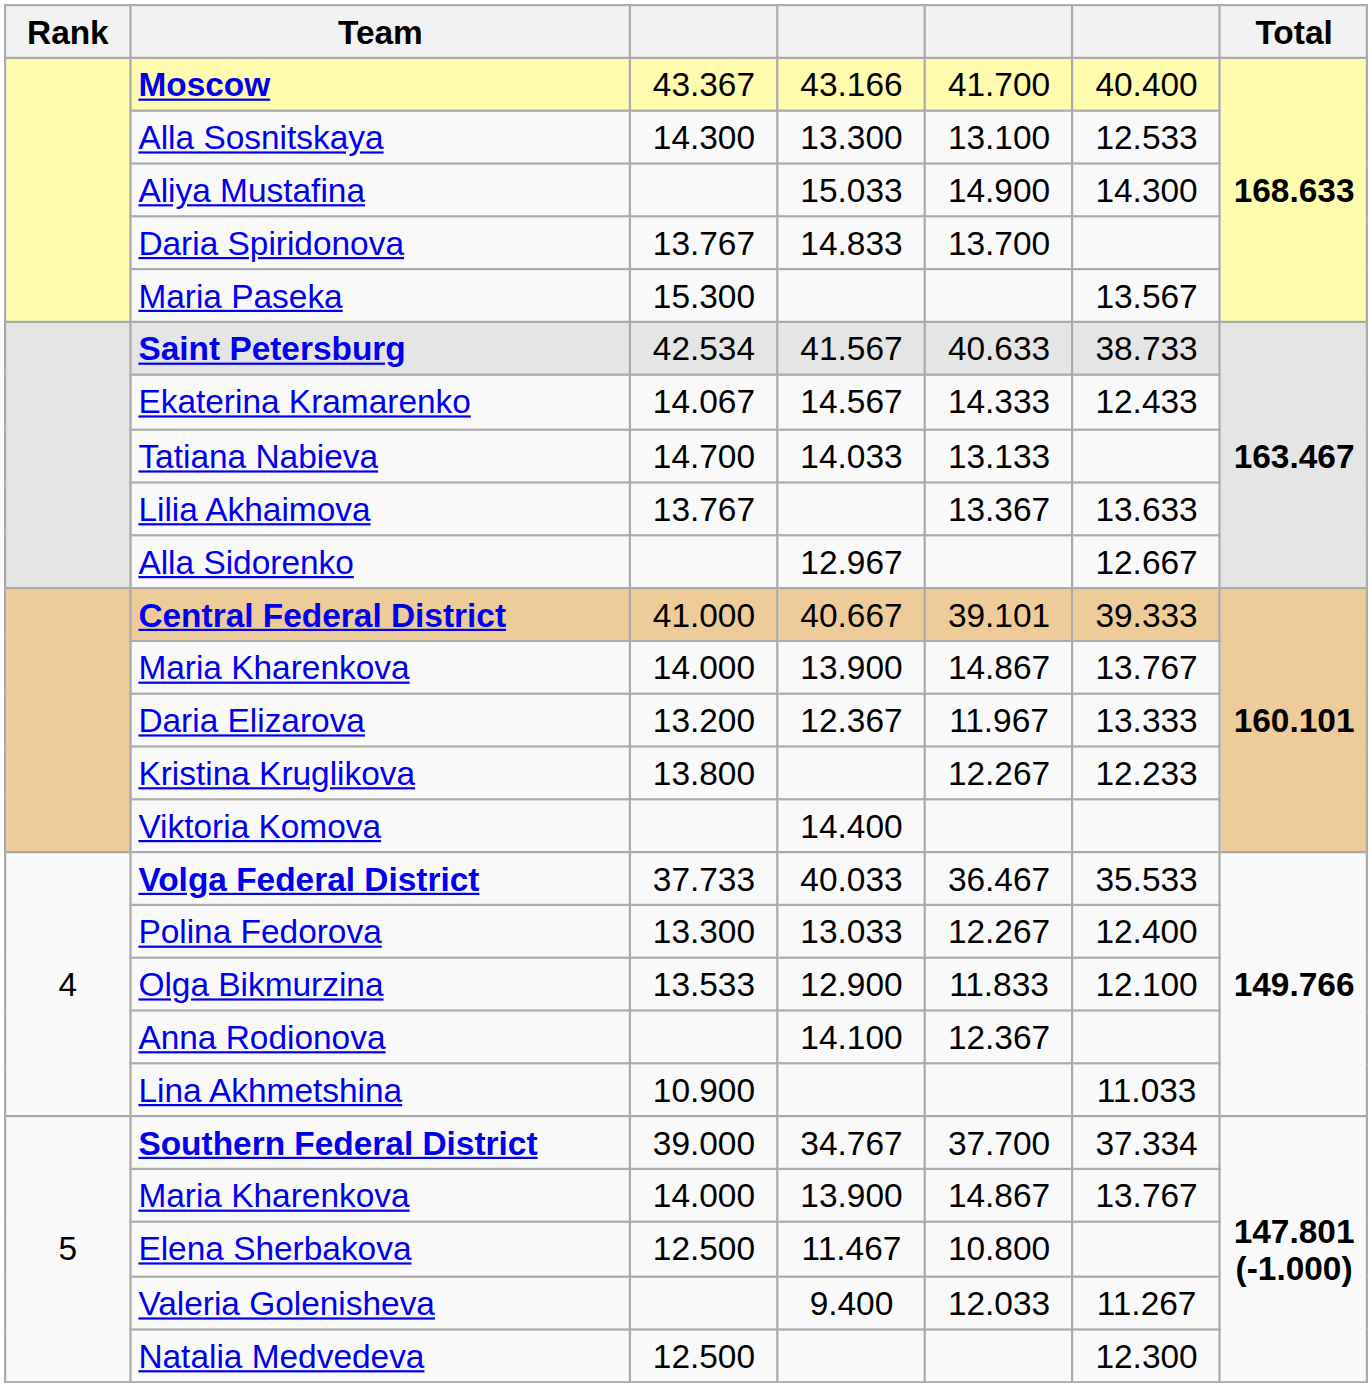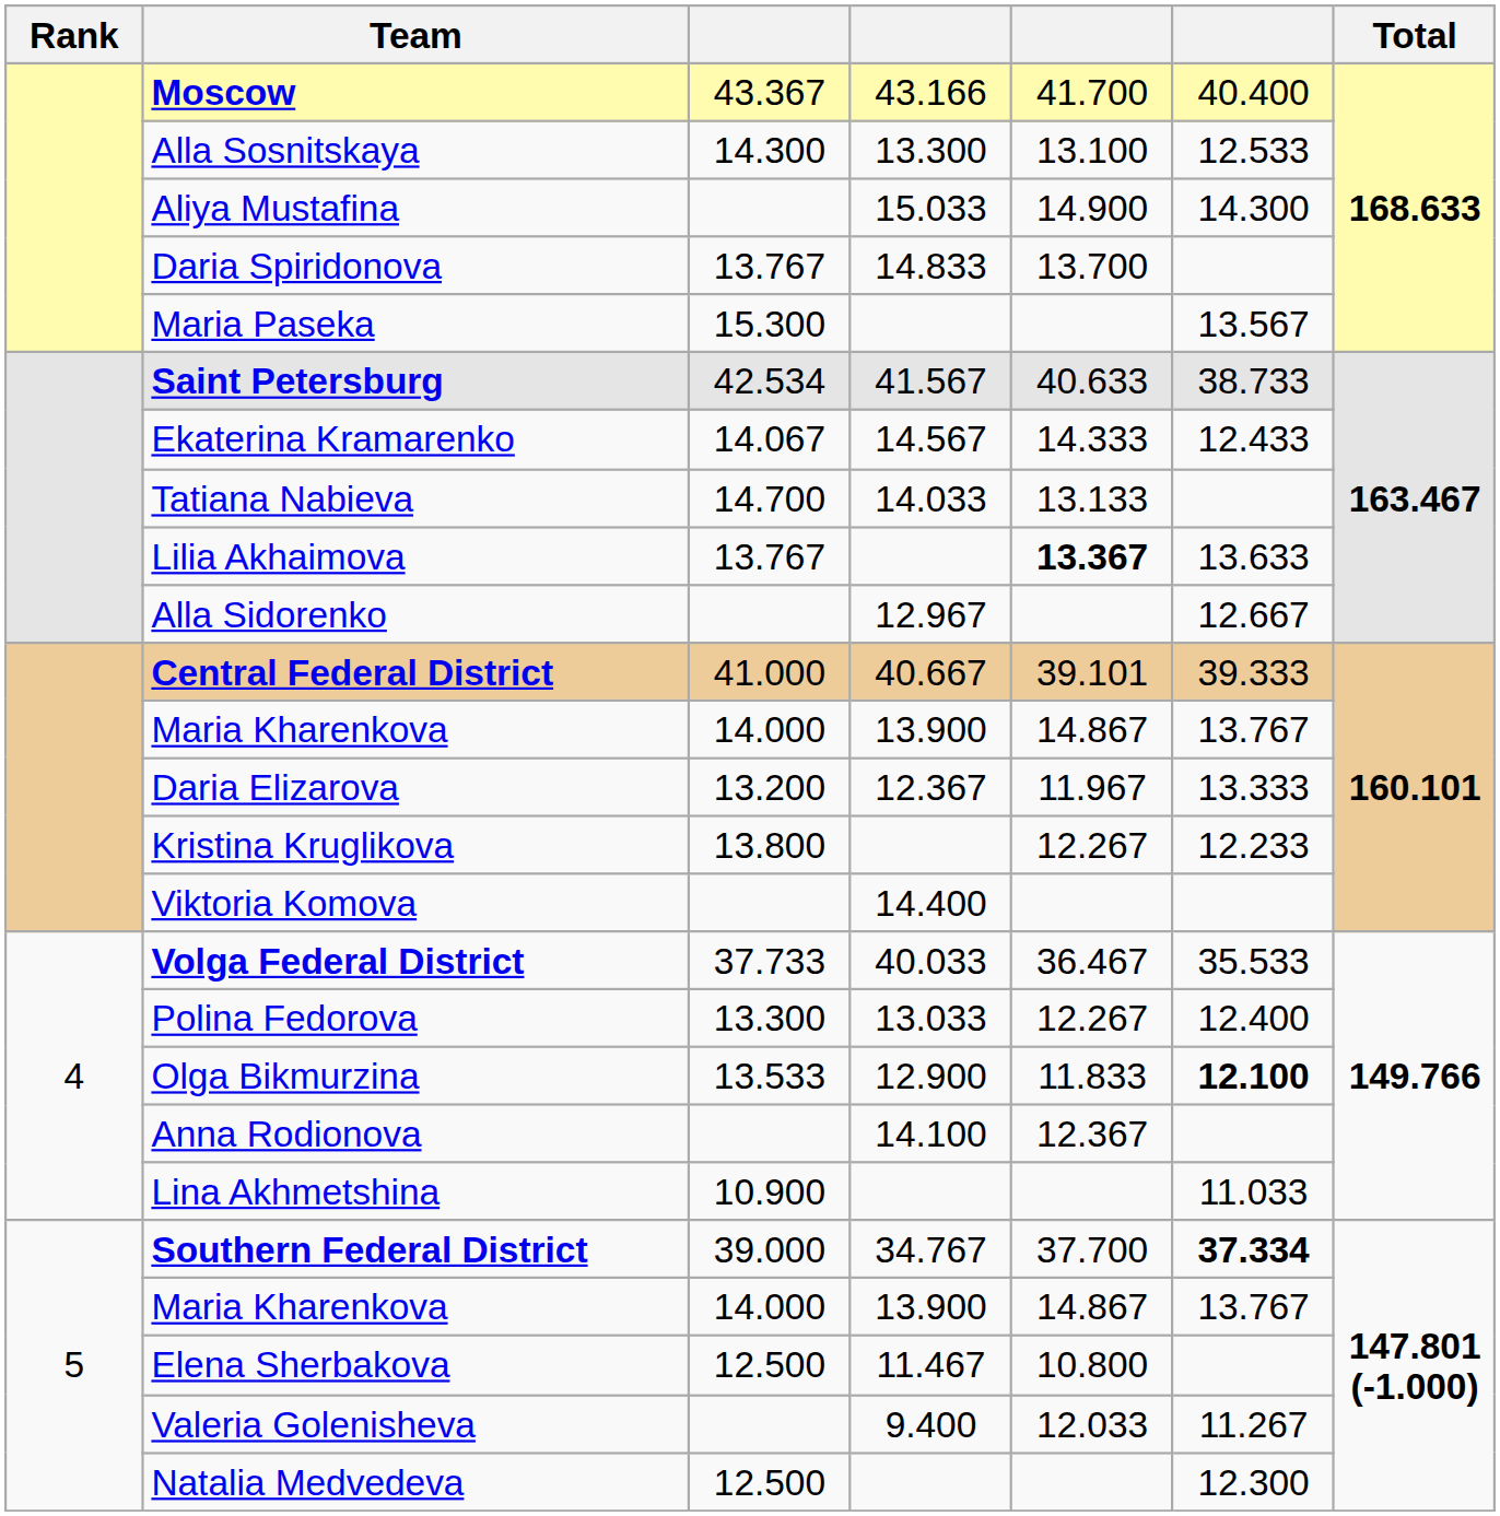 <table class="wikitable" style="text-align:center; font-size:95%">
 <tr>
 <th scope="col" style="width:50px;">Rank</th>
 <th scope="col" style="width:220px;">Team</th>
 <th scope="col" style="width:60px;"></th>
 <th scope="col" style="width:60px;"></th>
 <th scope="col" style="width:60px;"></th>
 <th scope="col" style="width:60px;"></th>
 <th scope="col" style="width:60px;">Total</th>
 </tr>
 <tr style="background:#fffcaf;">
 <td rowspan=5></td>
 <td style="text-align:left;"><strong><a href='#'>Moscow</a></strong></td>
 <td>43.367</td>
 <td>43.166</td>
 <td>41.700</td>
 <td>40.400</td>
 <td rowspan=5><strong>168.633</strong></td>
 </tr>
 <tr>
 <td style="text-align:left;"><a href='#'>Alla Sosnitskaya</a></td>
 <td>14.300</td>
 <td>13.300</td>
 <td>13.100</td>
 <td>12.533</td>
 </tr>
 <tr>
 <td style="text-align:left;"><a href='#'>Aliya Mustafina</a></td>
 <td></td>
 <td>15.033</td>
 <td>14.900</td>
 <td>14.300</td>
 </tr>
 <tr>
 <td style="text-align:left;"><a href='#'>Daria Spiridonova</a></td>
 <td>13.767</td>
 <td>14.833</td>
 <td>13.700</td>
 <td></td>
 </tr>
 <tr>
 <td style="text-align:left;"><a href='#'>Maria Paseka</a></td>
 <td>15.300</td>
 <td></td>
 <td></td>
 <td>13.567</td>
 </tr>
 <tr style="background:#e5e5e5;">
 <td rowspan=5></td>
 <td style="text-align:left;"><strong><a href='#'>Saint Petersburg</a></strong></td>
 <td>42.534</td>
 <td>41.567</td>
 <td>40.633</td>
 <td>38.733</td>
 <td rowspan=5><strong>163.467</strong></td>
 </tr>
 <tr>
 <td style="text-align:left;"><a href='#'>Ekaterina Kramarenko</a></td>
 <td>14.067</td>
 <td>14.567</td>
 <td>14.333</td>
 <td>12.433</td>
 </tr>
 <tr>
 <td style="text-align:left;"><a href='#'>Tatiana Nabieva</a></td>
 <td>14.700</td>
 <td>14.033</td>
 <td>13.133</td>
 <td></td>
 </tr>
 <tr>
 <td style="text-align:left;"><a href='#'>Lilia Akhaimova</a></td>
 <td>13.767</td>
 <td></td>
-<td>13.367</td>
+<td><strong>13.367</strong></td>
 <td>13.633</td>
 </tr>
 <tr>
 <td style="text-align:left;"><a href='#'>Alla Sidorenko</a></td>
 <td></td>
 <td>12.967</td>
 <td></td>
 <td>12.667</td>
 </tr>
 <tr style="background:#ec9;">
 <td rowspan=5></td>
 <td style="text-align:left;"><strong><a href='#'>Central Federal District</a></strong></td>
 <td>41.000</td>
 <td>40.667</td>
 <td>39.101</td>
 <td>39.333</td>
 <td rowspan=5><strong>160.101</strong></td>
 </tr>
 <tr>
 <td style="text-align:left;"><a href='#'>Maria Kharenkova</a></td>
 <td>14.000</td>
 <td>13.900</td>
 <td>14.867</td>
 <td>13.767</td>
 </tr>
 <tr>
 <td style="text-align:left;"><a href='#'>Daria Elizarova</a></td>
 <td>13.200</td>
 <td>12.367</td>
 <td>11.967</td>
 <td>13.333</td>
 </tr>
 <tr>
 <td style="text-align:left;"><a href='#'>Kristina Kruglikova</a></td>
 <td>13.800</td>
 <td></td>
 <td>12.267</td>
 <td>12.233</td>
 </tr>
 <tr>
 <td style="text-align:left;"><a href='#'>Viktoria Komova</a></td>
 <td></td>
 <td>14.400</td>
 <td></td>
 <td></td>
 </tr>
 <tr>
 <td rowspan=5>4</td>
 <td style="text-align:left;"><strong><a href='#'>Volga Federal District</a></strong></td>
 <td>37.733</td>
 <td>40.033</td>
 <td>36.467</td>
 <td>35.533</td>
 <td rowspan=5><strong>149.766</strong></td>
 </tr>
 <tr>
 <td style="text-align:left;"><a href='#'>Polina Fedorova</a></td>
 <td>13.300</td>
 <td>13.033</td>
 <td>12.267</td>
 <td>12.400</td>
 </tr>
 <tr>
 <td style="text-align:left;"><a href='#'>Olga Bikmurzina</a></td>
 <td>13.533</td>
 <td>12.900</td>
 <td>11.833</td>
-<td>12.100</td>
+<td><strong>12.100</strong></td>
 </tr>
 <tr>
 <td style="text-align:left;"><a href='#'>Anna Rodionova</a></td>
 <td></td>
 <td>14.100</td>
 <td>12.367</td>
 <td></td>
 </tr>
 <tr>
 <td style="text-align:left;"><a href='#'>Lina Akhmetshina</a></td>
 <td>10.900</td>
 <td></td>
 <td></td>
 <td>11.033</td>
 </tr>
 <tr>
 <td rowspan=5>5</td>
 <td style="text-align:left;"><strong><a href='#'>Southern Federal District</a></strong></td>
 <td>39.000</td>
 <td>34.767</td>
 <td>37.700</td>
-<td>37.334</td>
+<td><strong>37.334</strong></td>
 <td rowspan=5><strong>147.801 (-1.000)</strong></td>
 </tr>
 <tr>
 <td style="text-align:left;"><a href='#'>Maria Kharenkova</a></td>
 <td>14.000</td>
 <td>13.900</td>
 <td>14.867</td>
 <td>13.767</td>
 </tr>
 <tr>
 <td style="text-align:left;"><a href='#'>Elena Sherbakova</a></td>
 <td>12.500</td>
 <td>11.467</td>
 <td>10.800</td>
 <td></td>
 </tr>
 <tr>
 <td style="text-align:left;"><a href='#'>Valeria Golenisheva</a></td>
 <td></td>
 <td>9.400</td>
 <td>12.033</td>
 <td>11.267</td>
 </tr>
 <tr>
 <td style="text-align:left;"><a href='#'>Natalia Medvedeva</a></td>
 <td>12.500</td>
 <td></td>
 <td></td>
 <td>12.300</td>
 </tr>
 </table>
